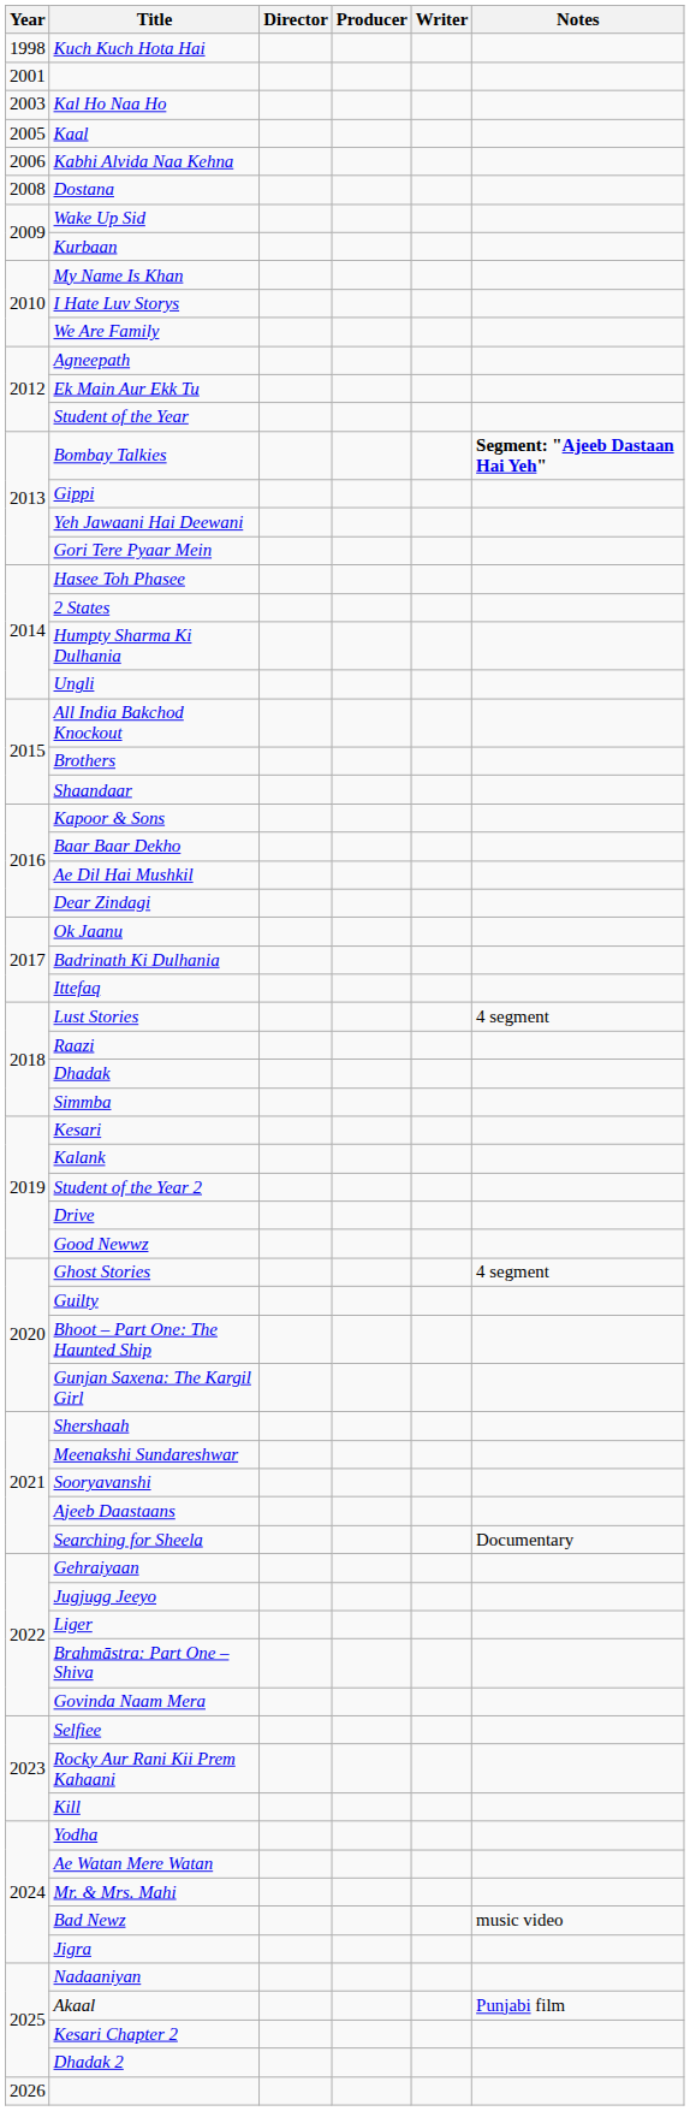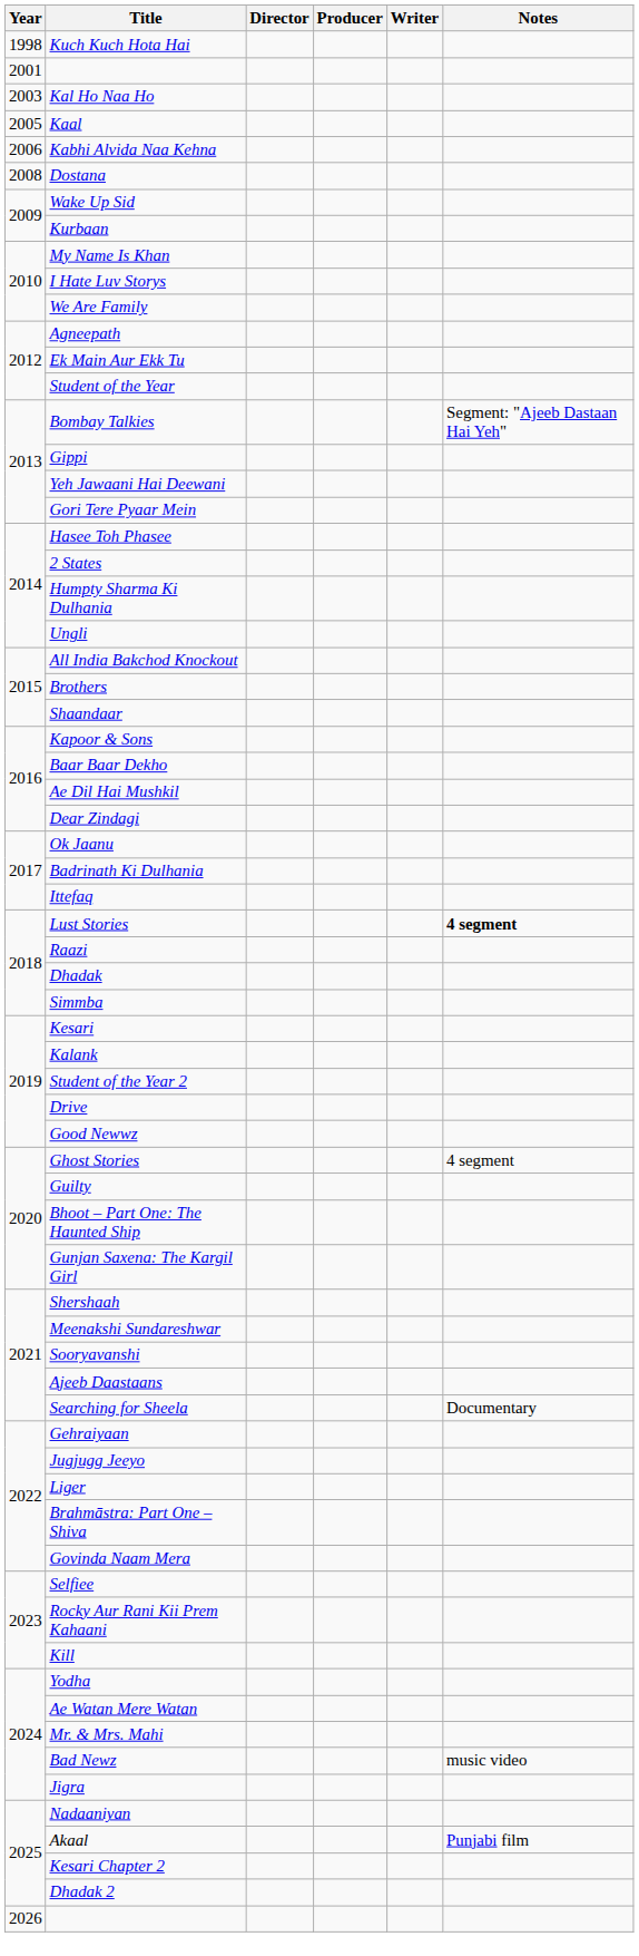 <table class="wikitable sortable">
 <tr>
 <th scope="col">Year</th>
 <th scope="col">Title</th>
 <th scope="col">Director</th>
 <th scope="col">Producer</th>
 <th scope="col">Writer</th>
 <th scope="col" class="unsortable">Notes</th>
 </tr>
 <tr>
 <td style="text-align:center;">1998</td>
 <td><em><a href='#'>Kuch Kuch Hota Hai</a></em></td>
 <td></td>
 <td></td>
 <td></td>
 <td></td>
 </tr>
 <tr>
 <td style="text-align:center;">2001</td>
 <td></td>
 <td></td>
 <td></td>
 <td></td>
 <td></td>
 </tr>
 <tr>
 <td style="text-align:center;">2003</td>
 <td><em><a href='#'>Kal Ho Naa Ho</a></em></td>
 <td></td>
 <td></td>
 <td></td>
 <td></td>
 </tr>
 <tr>
 <td style="text-align:center;">2005</td>
 <td><em><a href='#'>Kaal</a></em></td>
 <td></td>
 <td></td>
 <td></td>
 <td></td>
 </tr>
 <tr>
 <td style="text-align:center;">2006</td>
 <td><em><a href='#'>Kabhi Alvida Naa Kehna</a></em></td>
 <td></td>
 <td></td>
 <td></td>
 <td></td>
 </tr>
 <tr>
 <td style="text-align:center;">2008</td>
 <td><em><a href='#'>Dostana</a></em></td>
 <td></td>
 <td></td>
 <td></td>
 <td></td>
 </tr>
 <tr>
 <td rowspan="2" style="text-align:center;">2009</td>
 <td><em><a href='#'>Wake Up Sid</a></em></td>
 <td></td>
 <td></td>
 <td></td>
 <td></td>
 </tr>
 <tr>
 <td><em><a href='#'>Kurbaan</a></em></td>
 <td></td>
 <td></td>
 <td></td>
 <td></td>
 </tr>
 <tr>
 <td rowspan="3" style="text-align:center;">2010</td>
 <td><em><a href='#'>My Name Is Khan</a></em></td>
 <td></td>
 <td></td>
 <td></td>
 <td></td>
 </tr>
 <tr>
 <td><em><a href='#'>I Hate Luv Storys</a></em></td>
 <td></td>
 <td></td>
 <td></td>
 <td></td>
 </tr>
 <tr>
 <td><em><a href='#'>We Are Family</a></em></td>
 <td></td>
 <td></td>
 <td></td>
 <td></td>
 </tr>
 <tr>
 <td rowspan="3" style="text-align:center;">2012</td>
 <td><em><a href='#'>Agneepath</a></em></td>
 <td></td>
 <td></td>
 <td></td>
 <td></td>
 </tr>
 <tr>
 <td><em><a href='#'>Ek Main Aur Ekk Tu</a></em></td>
 <td></td>
 <td></td>
 <td></td>
 <td></td>
 </tr>
 <tr>
 <td><em><a href='#'>Student of the Year</a></em></td>
 <td></td>
 <td></td>
 <td></td>
 <td></td>
 </tr>
 <tr>
 <td rowspan="4" style="text-align:center;">2013</td>
 <td><em><a href='#'>Bombay Talkies</a></em></td>
 <td></td>
 <td></td>
 <td></td>
-<td><strong>Segment: "<a href='#'>Ajeeb Dastaan Hai Yeh</a>"</strong></td>
+<td>Segment: "<a href='#'>Ajeeb Dastaan Hai Yeh</a>"</td>
 </tr>
 <tr>
 <td><em><a href='#'>Gippi</a></em></td>
 <td></td>
 <td></td>
 <td></td>
 <td></td>
 </tr>
 <tr>
 <td><em><a href='#'>Yeh Jawaani Hai Deewani</a></em></td>
 <td></td>
 <td></td>
 <td></td>
 <td></td>
 </tr>
 <tr>
 <td><em><a href='#'>Gori Tere Pyaar Mein</a></em></td>
 <td></td>
 <td></td>
 <td></td>
 <td></td>
 </tr>
 <tr>
 <td rowspan="4" style="text-align:center;">2014</td>
 <td><em><a href='#'>Hasee Toh Phasee</a></em></td>
 <td></td>
 <td></td>
 <td></td>
 <td></td>
 </tr>
 <tr>
 <td><em><a href='#'>2 States</a></em></td>
 <td></td>
 <td></td>
 <td></td>
 <td></td>
 </tr>
 <tr>
 <td><em><a href='#'>Humpty Sharma Ki Dulhania</a></em></td>
 <td></td>
 <td></td>
 <td></td>
 <td></td>
 </tr>
 <tr>
 <td><em><a href='#'>Ungli</a></em></td>
 <td></td>
 <td></td>
 <td></td>
 <td></td>
 </tr>
 <tr>
 <td rowspan="3" style="text-align:center;">2015</td>
 <td><em><a href='#'>All India Bakchod Knockout</a></em></td>
 <td></td>
 <td></td>
 <td></td>
 <td></td>
 </tr>
 <tr>
 <td><em><a href='#'>Brothers</a></em></td>
 <td></td>
 <td></td>
 <td></td>
 <td></td>
 </tr>
 <tr>
 <td><em><a href='#'>Shaandaar</a></em></td>
 <td></td>
 <td></td>
 <td></td>
 <td></td>
 </tr>
 <tr>
 <td rowspan="4" style="text-align:center;">2016</td>
 <td><em><a href='#'>Kapoor & Sons</a></em></td>
 <td></td>
 <td></td>
 <td></td>
 <td></td>
 </tr>
 <tr>
 <td><em><a href='#'>Baar Baar Dekho</a></em></td>
 <td></td>
 <td></td>
 <td></td>
 <td></td>
 </tr>
 <tr>
 <td><em><a href='#'>Ae Dil Hai Mushkil</a></em></td>
 <td></td>
 <td></td>
 <td></td>
 <td></td>
 </tr>
 <tr>
 <td><em><a href='#'>Dear Zindagi</a></em></td>
 <td></td>
 <td></td>
 <td></td>
 <td></td>
 </tr>
 <tr>
 <td rowspan="3" style="text-align:center;">2017</td>
 <td><em><a href='#'>Ok Jaanu</a></em></td>
 <td></td>
 <td></td>
 <td></td>
 <td></td>
 </tr>
 <tr>
 <td><em><a href='#'>Badrinath Ki Dulhania</a></em></td>
 <td></td>
 <td></td>
 <td></td>
 <td></td>
 </tr>
 <tr>
 <td><em><a href='#'>Ittefaq</a></em></td>
 <td></td>
 <td></td>
 <td></td>
 <td></td>
 </tr>
 <tr>
 <td rowspan="4" style="text-align:center;">2018</td>
 <td><em><a href='#'>Lust Stories</a></em></td>
 <td></td>
 <td></td>
 <td></td>
-<td>4 segment</td>
+<td><strong>4 segment</strong></td>
 </tr>
 <tr>
 <td><em><a href='#'>Raazi</a></em></td>
 <td></td>
 <td></td>
 <td></td>
 <td></td>
 </tr>
 <tr>
 <td><em><a href='#'>Dhadak</a></em></td>
 <td></td>
 <td></td>
 <td></td>
 <td></td>
 </tr>
 <tr>
 <td><em><a href='#'>Simmba</a></em></td>
 <td></td>
 <td></td>
 <td></td>
 <td></td>
 </tr>
 <tr>
 <td rowspan="5" style="text-align:center;">2019</td>
 <td><em><a href='#'>Kesari</a></em></td>
 <td></td>
 <td></td>
 <td></td>
 <td></td>
 </tr>
 <tr>
 <td><em><a href='#'>Kalank</a></em></td>
 <td></td>
 <td></td>
 <td></td>
 <td></td>
 </tr>
 <tr>
 <td><em><a href='#'>Student of the Year 2</a></em></td>
 <td></td>
 <td></td>
 <td></td>
 <td></td>
 </tr>
 <tr>
 <td><em><a href='#'>Drive</a></em></td>
 <td></td>
 <td></td>
 <td></td>
 <td></td>
 </tr>
 <tr>
 <td><em><a href='#'>Good Newwz</a></em></td>
 <td></td>
 <td></td>
 <td></td>
 <td></td>
 </tr>
 <tr>
 <td rowspan="4" style="text-align:center;">2020</td>
 <td><em><a href='#'>Ghost Stories</a></em></td>
 <td></td>
 <td></td>
 <td></td>
 <td>4 segment</td>
 </tr>
 <tr>
 <td><em><a href='#'>Guilty</a></em></td>
 <td></td>
 <td></td>
 <td></td>
 <td></td>
 </tr>
 <tr>
 <td><em><a href='#'>Bhoot – Part One: The Haunted Ship</a></em></td>
 <td></td>
 <td></td>
 <td></td>
 <td></td>
 </tr>
 <tr>
 <td><em><a href='#'>Gunjan Saxena: The Kargil Girl</a></em></td>
 <td></td>
 <td></td>
 <td></td>
 <td></td>
 </tr>
 <tr>
 <td rowspan="5" style="text-align:center;">2021</td>
 <td><em><a href='#'>Shershaah</a></em></td>
 <td></td>
 <td></td>
 <td></td>
 <td></td>
 </tr>
 <tr>
 <td><em><a href='#'>Meenakshi Sundareshwar</a></em></td>
 <td></td>
 <td></td>
 <td></td>
 <td></td>
 </tr>
 <tr>
 <td><em><a href='#'>Sooryavanshi</a></em></td>
 <td></td>
 <td></td>
 <td></td>
 <td></td>
 </tr>
 <tr>
 <td><em><a href='#'>Ajeeb Daastaans</a></em></td>
 <td></td>
 <td></td>
 <td></td>
 <td></td>
 </tr>
 <tr>
 <td><em><a href='#'>Searching for Sheela</a></em></td>
 <td></td>
 <td></td>
 <td></td>
 <td>Documentary</td>
 </tr>
 <tr>
 <td rowspan="5" style="text-align:center;">2022</td>
 <td><em><a href='#'>Gehraiyaan</a></em></td>
 <td></td>
 <td></td>
 <td></td>
 <td></td>
 </tr>
 <tr>
 <td><em><a href='#'>Jugjugg Jeeyo</a></em></td>
 <td></td>
 <td></td>
 <td></td>
 <td></td>
 </tr>
 <tr>
 <td><a href='#'><em>Liger</em></a></td>
 <td></td>
 <td></td>
 <td></td>
 <td></td>
 </tr>
 <tr>
 <td><em><a href='#'>Brahmāstra: Part One – Shiva</a></em></td>
 <td></td>
 <td></td>
 <td></td>
 <td></td>
 </tr>
 <tr>
 <td><em><a href='#'>Govinda Naam Mera</a></em></td>
 <td></td>
 <td></td>
 <td></td>
 <td></td>
 </tr>
 <tr>
 <td rowspan="3" style="text-align:center;">2023</td>
 <td><em><a href='#'>Selfiee</a></em></td>
 <td></td>
 <td></td>
 <td></td>
 <td></td>
 </tr>
 <tr>
 <td><em><a href='#'>Rocky Aur Rani Kii Prem Kahaani</a></em></td>
 <td></td>
 <td></td>
 <td></td>
 <td></td>
 </tr>
 <tr>
 <td><em><a href='#'>Kill</a></em></td>
 <td></td>
 <td></td>
 <td></td>
 <td></td>
 </tr>
 <tr>
 <td rowspan="5" style="text-align:center;">2024</td>
 <td><em><a href='#'>Yodha</a></em></td>
 <td></td>
 <td></td>
 <td></td>
 <td></td>
 </tr>
 <tr>
 <td><em><a href='#'>Ae Watan Mere Watan</a></em></td>
 <td></td>
 <td></td>
 <td></td>
 <td></td>
 </tr>
 <tr>
 <td><em><a href='#'>Mr. & Mrs. Mahi</a></em></td>
 <td></td>
 <td></td>
 <td></td>
 <td></td>
 </tr>
 <tr>
 <td><em><a href='#'>Bad Newz</a></em></td>
 <td></td>
 <td></td>
 <td></td>
 <td> music video</td>
 </tr>
 <tr>
 <td><em><a href='#'>Jigra</a></em></td>
 <td></td>
 <td></td>
 <td></td>
 <td></td>
 </tr>
 <tr>
 <td style="text-align:center;" rowspan=4>2025</td>
 <td><em><a href='#'>Nadaaniyan</a></em></td>
 <td></td>
 <td></td>
 <td></td>
 <td></td>
 </tr>
 <tr>
 <td><em>Akaal</em></td>
 <td></td>
 <td></td>
 <td></td>
 <td><a href='#'>Punjabi</a> film</td>
 </tr>
 <tr>
 <td><em><a href='#'>Kesari Chapter 2</a></em></td>
 <td></td>
 <td></td>
 <td></td>
 <td></td>
 </tr>
 <tr>
 <td><em><a href='#'>Dhadak 2</a></em></td>
 <td></td>
 <td></td>
 <td></td>
 <td></td>
 </tr>
 <tr>
 <td style="text-align:center;">2026</td>
 <td></td>
 <td></td>
 <td></td>
 <td></td>
 <td></td>
 </tr>
 </table>
